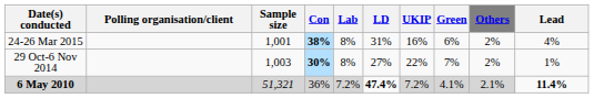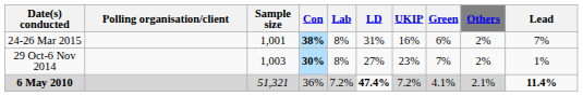 <table class="wikitable sortable" style="text-align:center;font-size:90%;line-height:14px">
 <tr>
 <th ! style="width:95px;">Date(s)<br>conducted</th>
 <th style="width:200px;">Polling organisation/client</th>
 <th class="unsortable" style="width:60px;">Sample size</th>
 <th class="unsortable" style="background:"><a href='#'><span>Con</span></a></th>
 <th class="unsortable" style="background:"><a href='#'><span>Lab</span></a></th>
 <th class="unsortable" style="background:"><a href='#'><span>LD</span></a></th>
 <th class="unsortable" style="background:"><a href='#'><span>UKIP</span></a></th>
 <th class="unsortable" style="background:"><a href='#'><span>Green</span></a></th>
 <th class="unsortable" style="background:gray; width:50px;"><a href='#'><span>Others</span></a></th>
 <th class="unsortable" style="width:85px;">Lead</th>
 </tr>
 <tr>
 <td>24-26 Mar 2015</td>
 <td> </td>
 <td>1,001</td>
 <td style="background:#B3E0FF"><strong>38%</strong></td>
 <td>8%</td>
 <td>31%</td>
 <td>16%</td>
 <td>6%</td>
 <td>2%</td>
-<td style="background:">4%</td>
+<td style="background:">7%</td>
 </tr>
 <tr>
 <td>29 Oct-6 Nov 2014</td>
 <td> </td>
 <td>1,003</td>
 <td style="background:#B3E0FF"><strong>30%</strong></td>
 <td>8%</td>
 <td>27%</td>
-<td>22%</td>
+<td>23%</td>
 <td>7%</td>
 <td>2%</td>
 <td style="background:">1%</td>
 </tr>
 <tr>
 <td style="background:#D5D5D5"><strong>6 May 2010</strong></td>
 <td style="background:#D5D5D5"></td>
 <td style="background:#D5D5D5"><em>51,321</em></td>
 <td style="background:#D5D5D5">36%</td>
 <td style="background:#D5D5D5">7.2%</td>
 <td style="background:"><strong>47.4%</strong></td>
 <td style="background:#D5D5D5">7.2%</td>
 <td style="background:#D5D5D5">4.1%</td>
 <td style="background:#D5D5D5">2.1%</td>
 <td style="background:"><strong>11.4% </strong></td>
 </tr>
 </table>
